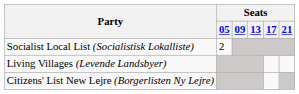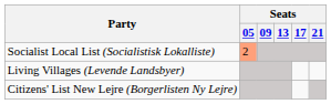 <table class="wikitable">
 <tr>
 <th rowspan=2>Party</th>
 <th colspan=11>Seats</th>
 </tr>
 <tr>
 <th><a href='#'>05</a></th>
 <th><a href='#'>09</a></th>
 <th><a href='#'>13</a></th>
 <th><a href='#'>17</a></th>
 <th><a href='#'>21</a></th>
 </tr>
 <tr>
 <td>Socialist Local List <em>(Socialistisk Lokalliste)</em></td>
-<td>2</td>
+<td style="background: lightsalmon;">2</td>
 <td style="background:#CDC9C9;" colspan=4></td>
 </tr>
 <tr>
 <td>Living Villages <em>(Levende Landsbyer)</em></td>
 <td style="background:#CDC9C9;" colspan=3></td>
 <td></td>
 <td></td>
 </tr>
 <tr>
 <td>Citizens' List New Lejre <em>(Borgerlisten Ny Lejre)</em></td>
 <td style="background:#CDC9C9;" colspan=3></td>
 <td></td>
 <td style="background:#CDC9C9;"></td>
 </tr>
 </table>
